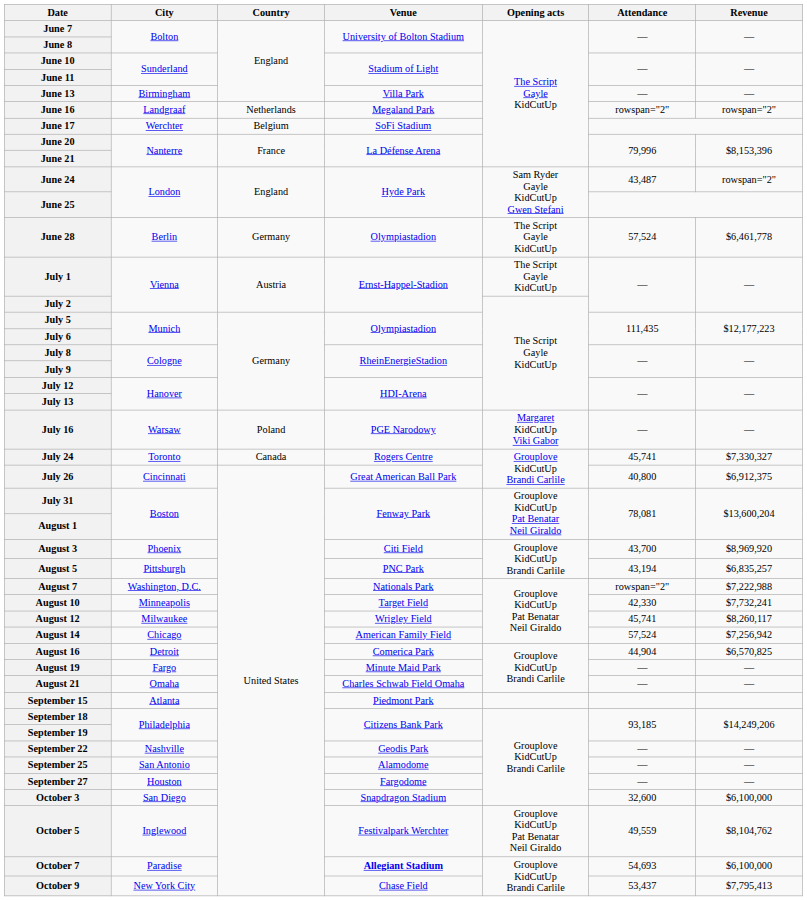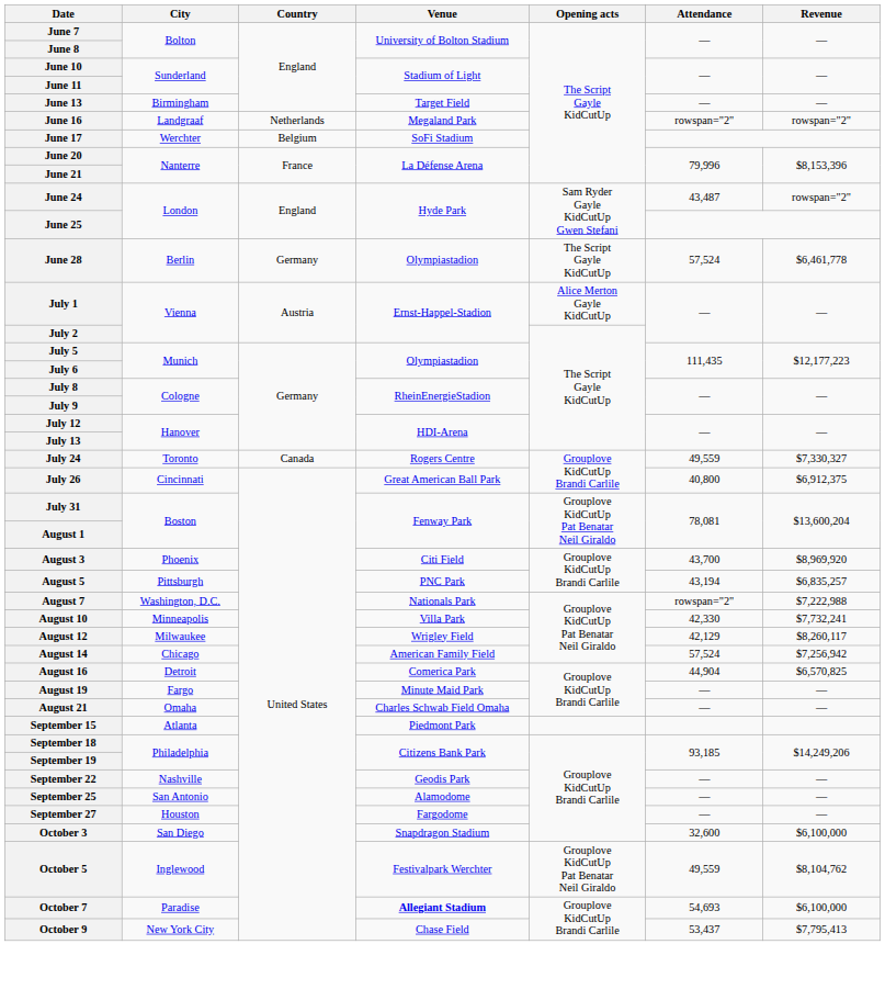 <table class="wikitable plainrowheaders" style="text-align:center;">
 <tr>
 <th scope="col" style="width:10em;">Date</th>
 <th scope="col" style="width:10em;">City</th>
 <th scope="col" style="width:10em;">Country</th>
 <th scope="col" style="width:15em;">Venue</th>
 <th scope="col" style="width:10em;">Opening acts</th>
 <th scope="col" style="width:10em;">Attendance</th>
 <th scope="col" style="width:10em;">Revenue</th>
 </tr>
 <tr>
 <th scope="row" style="text-align:center;">June 7</th>
 <td rowspan="2"><a href='#'>Bolton</a></td>
 <td rowspan="5">England</td>
 <td rowspan="2"><a href='#'>University of Bolton Stadium</a></td>
 <td rowspan="9"><a href='#'>The Script</a><br><a href='#'>Gayle</a><br>KidCutUp</td>
 <td rowspan="2">—</td>
 <td rowspan="2">—</td>
 </tr>
 <tr>
 <th scope="row" style="text-align:center;">June 8</th>
 </tr>
 <tr>
 <th scope="row" style="text-align:center;">June 10</th>
 <td rowspan="2"><a href='#'>Sunderland</a></td>
 <td rowspan="2"><a href='#'>Stadium of Light</a></td>
 <td rowspan="2">—</td>
 <td rowspan="2">—</td>
 </tr>
 <tr>
 <th scope="row" style="text-align:center;">June 11</th>
 </tr>
 <tr>
 <th scope="row" style="text-align:center;">June 13</th>
 <td><a href='#'>Birmingham</a></td>
-<td><a href='#'>Villa Park</a></td>
+<td><a href='#'>Target Field</a></td>
 <td>—</td>
 <td>—</td>
 </tr>
 <tr>
 <th scope="row" style="text-align:center;">June 16</th>
 <td><a href='#'>Landgraaf</a></td>
 <td>Netherlands</td>
 <td><a href='#'>Megaland Park</a></td>
 <td>rowspan="2" </td>
 <td>rowspan="2" </td>
 </tr>
 <tr>
 <th scope="row" style="text-align:center;">June 17</th>
 <td><a href='#'>Werchter</a></td>
 <td>Belgium</td>
 <td><a href='#'>SoFi Stadium</a></td>
 </tr>
 <tr>
 <th scope="row" style="text-align:center;">June 20</th>
 <td rowspan="2"><a href='#'>Nanterre</a></td>
 <td rowspan="2">France</td>
 <td rowspan="2"><a href='#'>La Défense Arena</a></td>
 <td rowspan="2">79,996</td>
 <td rowspan="2">$8,153,396</td>
 </tr>
 <tr>
 <th scope="row" style="text-align:center;">June 21</th>
 </tr>
 <tr>
 <th scope="row" style="text-align:center;">June 24</th>
 <td rowspan="2"><a href='#'>London</a></td>
 <td rowspan="2">England</td>
 <td rowspan="2"><a href='#'>Hyde Park</a></td>
 <td rowspan="2">Sam Ryder<br>Gayle<br>KidCutUp<br><a href='#'>Gwen Stefani</a></td>
 <td>43,487</td>
 <td>rowspan="2" </td>
 </tr>
 <tr>
 <th scope="row" style="text-align:center;">June 25</th>
 </tr>
 <tr>
 <th scope="row" style="text-align:center;">June 28</th>
 <td><a href='#'>Berlin</a></td>
 <td>Germany</td>
 <td><a href='#'>Olympiastadion</a></td>
 <td>The Script<br>Gayle<br>KidCutUp</td>
 <td>57,524</td>
 <td>$6,461,778</td>
 </tr>
 <tr>
 <th scope="row" style="text-align:center;">July 1</th>
 <td rowspan="2"><a href='#'>Vienna</a></td>
 <td rowspan="2">Austria</td>
 <td rowspan="2"><a href='#'>Ernst-Happel-Stadion</a></td>
-<td>The Script<br>Gayle<br>KidCutUp</td>
+<td rowspan="1"><a href='#'>Alice Merton</a><br>Gayle<br>KidCutUp</td>
 <td rowspan="2">—</td>
 <td rowspan="2">—</td>
 </tr>
 <tr>
 <th scope="row" style="text-align:center;">July 2</th>
 <td rowspan="7">The Script<br>Gayle<br>KidCutUp</td>
 </tr>
 <tr>
 <th scope="row" style="text-align:center;">July 5</th>
 <td rowspan="2"><a href='#'>Munich</a></td>
 <td rowspan="6">Germany</td>
 <td rowspan="2"><a href='#'>Olympiastadion</a></td>
 <td rowspan="2">111,435</td>
 <td rowspan="2">$12,177,223</td>
 </tr>
 <tr>
 <th scope="row" style="text-align:center;">July 6</th>
 </tr>
 <tr>
 <th scope="row" style="text-align:center;">July 8</th>
 <td rowspan="2"><a href='#'>Cologne</a></td>
 <td rowspan="2"><a href='#'>RheinEnergieStadion</a></td>
 <td rowspan="2">—</td>
 <td rowspan="2">—</td>
 </tr>
 <tr>
 <th scope="row" style="text-align:center;">July 9</th>
 </tr>
 <tr>
 <th scope="row" style="text-align:center;">July 12</th>
 <td rowspan="2"><a href='#'>Hanover</a></td>
 <td rowspan="2"><a href='#'>HDI-Arena</a></td>
 <td rowspan="2">—</td>
 <td rowspan="2">—</td>
 </tr>
 <tr>
 <th scope="row" style="text-align:center;">July 13</th>
 </tr>
 <tr>
-<th scope="row" style="text-align:center;">July 16</th>
-<td><a href='#'>Warsaw</a></td>
-<td>Poland</td>
-<td><a href='#'>PGE Narodowy</a></td>
-<td><a href='#'>Margaret</a> <br>KidCutUp <br><a href='#'>Viki Gabor</a></td>
-<td>—</td>
-<td>—</td>
-</tr>
-<tr>
 <th scope="row" style="text-align:center;">July 24</th>
 <td><a href='#'>Toronto</a></td>
 <td>Canada</td>
 <td><a href='#'>Rogers Centre</a></td>
 <td rowspan="2"><a href='#'>Grouplove</a> <br>KidCutUp <br><a href='#'>Brandi Carlile</a></td>
-<td>45,741</td>
+<td>49,559</td>
 <td>$7,330,327</td>
 </tr>
 <tr>
 <th scope="row" style="text-align:center;">July 26</th>
 <td><a href='#'>Cincinnati</a></td>
 <td rowspan="22">United States</td>
 <td><a href='#'>Great American Ball Park</a></td>
 <td>40,800</td>
 <td>$6,912,375</td>
 </tr>
 <tr>
 <th scope="row" style="text-align:center;">July 31</th>
 <td rowspan="2"><a href='#'>Boston</a></td>
 <td rowspan="2"><a href='#'>Fenway Park</a></td>
 <td rowspan="2">Grouplove <br>KidCutUp <br><a href='#'>Pat Benatar</a> <br><a href='#'>Neil Giraldo</a></td>
 <td rowspan="2">78,081</td>
 <td rowspan="2">$13,600,204</td>
 </tr>
 <tr>
 <th scope="row" style="text-align:center;">August 1</th>
 </tr>
 <tr>
 <th scope="row" style="text-align:center;">August 3</th>
 <td><a href='#'>Phoenix</a></td>
 <td><a href='#'>Citi Field</a></td>
 <td rowspan="2">Grouplove<br>KidCutUp<br>Brandi Carlile</td>
 <td>43,700</td>
 <td>$8,969,920</td>
 </tr>
 <tr>
 <th scope="row" style="text-align:center;">August 5</th>
 <td><a href='#'>Pittsburgh</a></td>
 <td><a href='#'>PNC Park</a></td>
 <td>43,194</td>
 <td>$6,835,257</td>
 </tr>
 <tr>
 <th scope="row" style="text-align:center;">August 7</th>
 <td><a href='#'>Washington, D.C.</a></td>
 <td><a href='#'>Nationals Park</a></td>
 <td rowspan="4">Grouplove <br>KidCutUp <br>Pat Benatar <br>Neil Giraldo</td>
 <td>rowspan="2" </td>
 <td>$7,222,988</td>
 </tr>
 <tr>
 <th scope="row" style="text-align:center;">August 10</th>
 <td><a href='#'>Minneapolis</a></td>
-<td><a href='#'>Target Field</a></td>
+<td><a href='#'>Villa Park</a></td>
 <td>42,330</td>
 <td>$7,732,241</td>
 </tr>
 <tr>
 <th scope="row" style="text-align:center;">August 12</th>
 <td><a href='#'>Milwaukee</a></td>
 <td><a href='#'>Wrigley Field</a></td>
-<td>45,741</td>
+<td>42,129</td>
 <td>$8,260,117</td>
 </tr>
 <tr>
 <th scope="row" style="text-align:center;">August 14</th>
 <td><a href='#'>Chicago</a></td>
 <td><a href='#'>American Family Field</a></td>
 <td>57,524</td>
 <td>$7,256,942</td>
 </tr>
 <tr>
 <th scope="row" style="text-align:center;">August 16</th>
 <td><a href='#'>Detroit</a></td>
 <td><a href='#'>Comerica Park</a></td>
 <td rowspan="3">Grouplove <br>KidCutUp <br>Brandi Carlile</td>
 <td>44,904</td>
 <td>$6,570,825</td>
 </tr>
 <tr>
 <th scope="row" style="text-align:center;">August 19</th>
 <td><a href='#'>Fargo</a></td>
 <td><a href='#'>Minute Maid Park</a></td>
 <td>—</td>
 <td>—</td>
 </tr>
 <tr>
 <th scope="row" style="text-align:center;">August 21</th>
 <td><a href='#'>Omaha</a></td>
 <td><a href='#'>Charles Schwab Field Omaha</a></td>
 <td>—</td>
 <td>—</td>
 </tr>
 <tr>
 <th scope="row" style="text-align:center;">September 15</th>
 <td><a href='#'>Atlanta</a></td>
 <td><a href='#'>Piedmont Park</a></td>
 <td></td>
 <td></td>
 <td></td>
 </tr>
 <tr>
 <th scope="row" style="text-align:center;">September 18</th>
 <td rowspan="2"><a href='#'>Philadelphia</a></td>
 <td rowspan="2"><a href='#'>Citizens Bank Park</a></td>
 <td rowspan="6">Grouplove <br>KidCutUp <br>Brandi Carlile</td>
 <td rowspan="2">93,185</td>
 <td rowspan="2">$14,249,206</td>
 </tr>
 <tr>
 <th scope="row" style="text-align:center;">September 19</th>
 </tr>
 <tr>
 <th scope="row" style="text-align:center;">September 22</th>
 <td><a href='#'>Nashville</a></td>
 <td><a href='#'>Geodis Park</a></td>
 <td>—</td>
 <td>—</td>
 </tr>
 <tr>
 <th scope="row" style="text-align:center;">September 25</th>
 <td><a href='#'>San Antonio</a></td>
 <td><a href='#'>Alamodome</a></td>
 <td>—</td>
 <td>—</td>
 </tr>
 <tr>
 <th scope="row" style="text-align:center;">September 27</th>
 <td><a href='#'>Houston</a></td>
 <td><a href='#'>Fargodome</a></td>
 <td>—</td>
 <td>—</td>
 </tr>
 <tr>
 <th scope="row" style="text-align:center;">October 3</th>
 <td><a href='#'>San Diego</a></td>
 <td><a href='#'>Snapdragon Stadium</a></td>
 <td>32,600</td>
 <td>$6,100,000</td>
 </tr>
 <tr>
 <th scope="row" style="text-align:center;">October 5</th>
 <td><a href='#'>Inglewood</a></td>
 <td><a href='#'>Festivalpark Werchter</a></td>
 <td>Grouplove<br>KidCutUp<br>Pat Benatar<br>Neil Giraldo</td>
 <td>49,559</td>
 <td>$8,104,762</td>
 </tr>
 <tr>
 <th scope="row" style="text-align:center;">October 7</th>
 <td><a href='#'>Paradise</a></td>
 <td><strong><a href='#'>Allegiant Stadium</a></strong></td>
 <td rowspan="2">Grouplove<br>KidCutUp<br>Brandi Carlile</td>
 <td>54,693</td>
 <td>$6,100,000</td>
 </tr>
 <tr>
 <th scope="row" style="text-align:center;">October 9</th>
 <td><a href='#'>New York City</a></td>
 <td><a href='#'>Chase Field</a></td>
 <td>53,437</td>
 <td>$7,795,413</td>
 </tr>
 </table>
